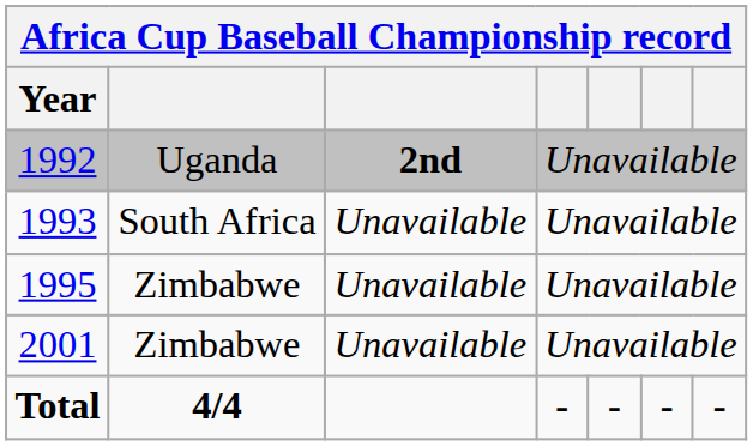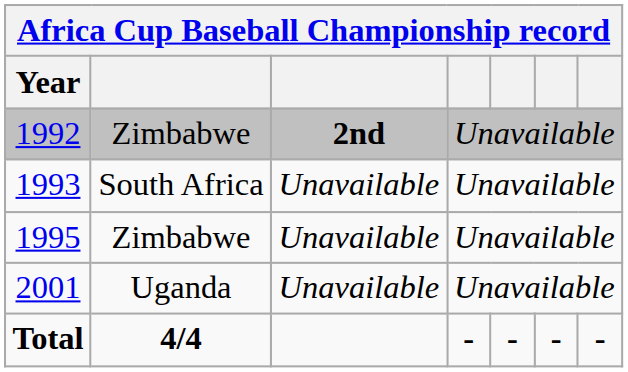 <table class="wikitable" style="text-align: center;">
 <tr>
 <th colspan=8><a href='#'>Africa Cup Baseball Championship record</a></th>
 </tr>
 <tr>
 <th>Year</th>
 <th></th>
 <th></th>
 <th></th>
 <th></th>
 <th></th>
 <th></th>
 </tr>
 <tr style="background:Silver;">
 <td><a href='#'>1992</a></td>
-<td>Uganda</td>
+<td>Zimbabwe</td>
 <td><strong> 2nd</strong></td>
 <td colspan=4 align=center><em>Unavailable</em></td>
 </tr>
 <tr>
 <td><a href='#'>1993</a></td>
 <td>South Africa</td>
 <td><em>Unavailable</em></td>
 <td colspan=4 align=center><em>Unavailable</em></td>
 </tr>
 <tr>
 <td><a href='#'>1995</a></td>
 <td>Zimbabwe</td>
 <td><em>Unavailable</em></td>
 <td colspan=4 align=center><em>Unavailable</em></td>
 </tr>
 <tr>
 <td><a href='#'>2001</a></td>
-<td>Zimbabwe</td>
+<td>Uganda</td>
 <td><em>Unavailable</em></td>
 <td colspan=4 align=center><em>Unavailable</em></td>
 </tr>
 <tr>
 <td><strong>Total</strong></td>
 <td><strong>4/4</strong></td>
 <td></td>
 <td><strong>-</strong></td>
 <td><strong>-</strong></td>
 <td><strong>-</strong></td>
 <td><strong>-</strong></td>
 </tr>
 </table>
